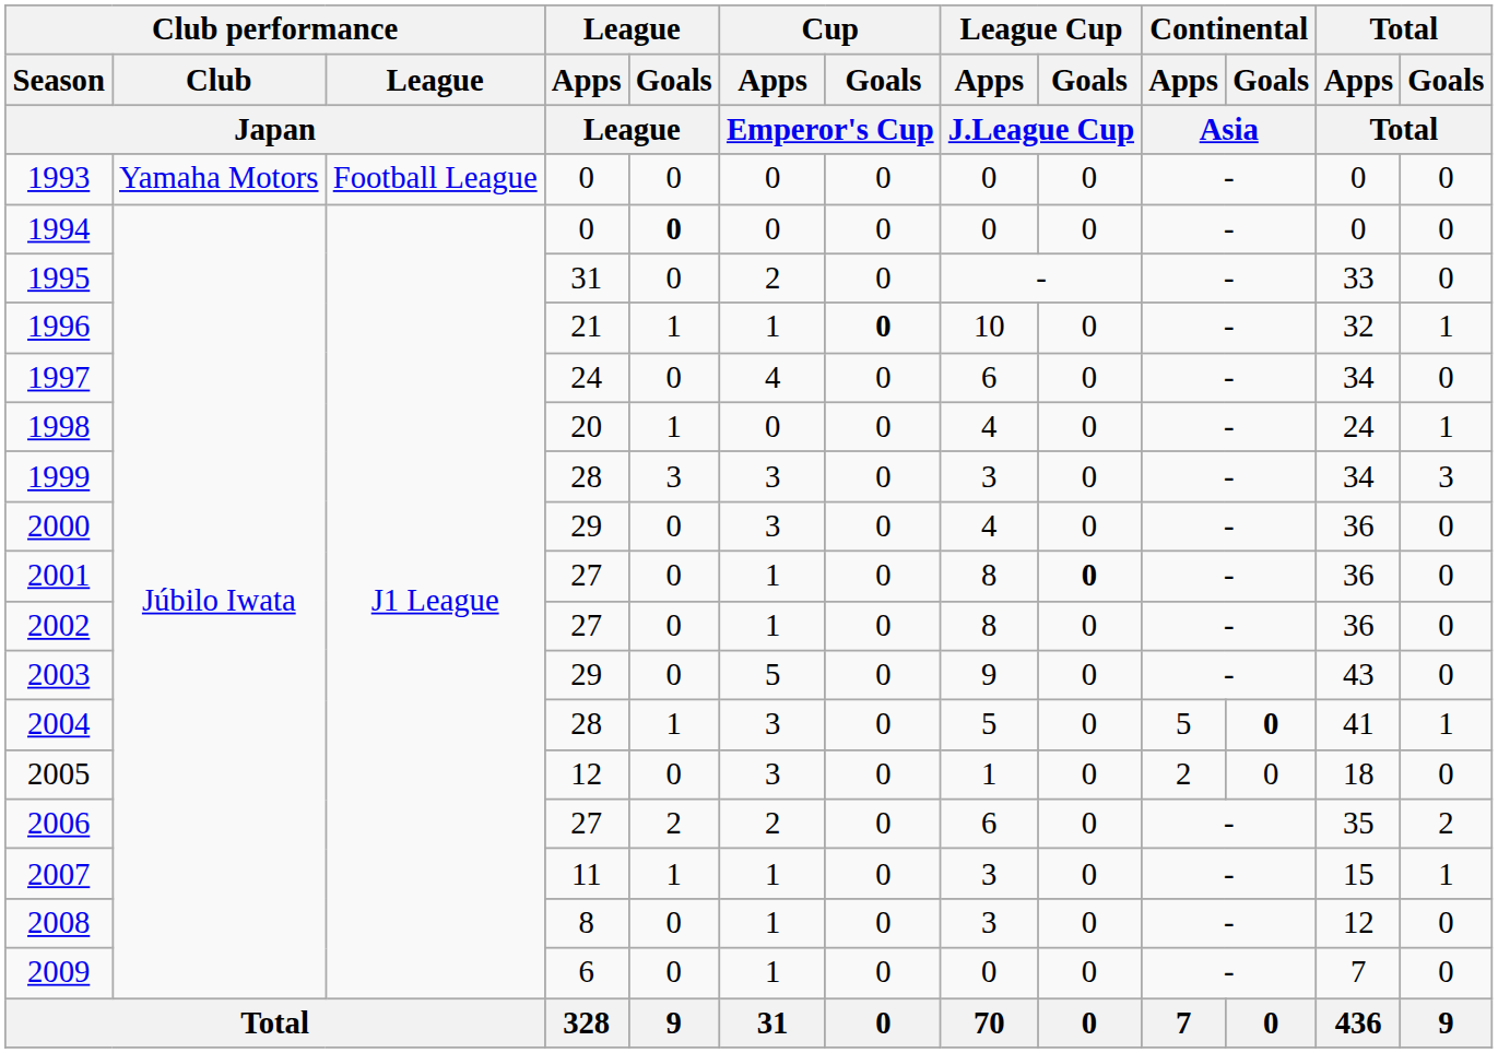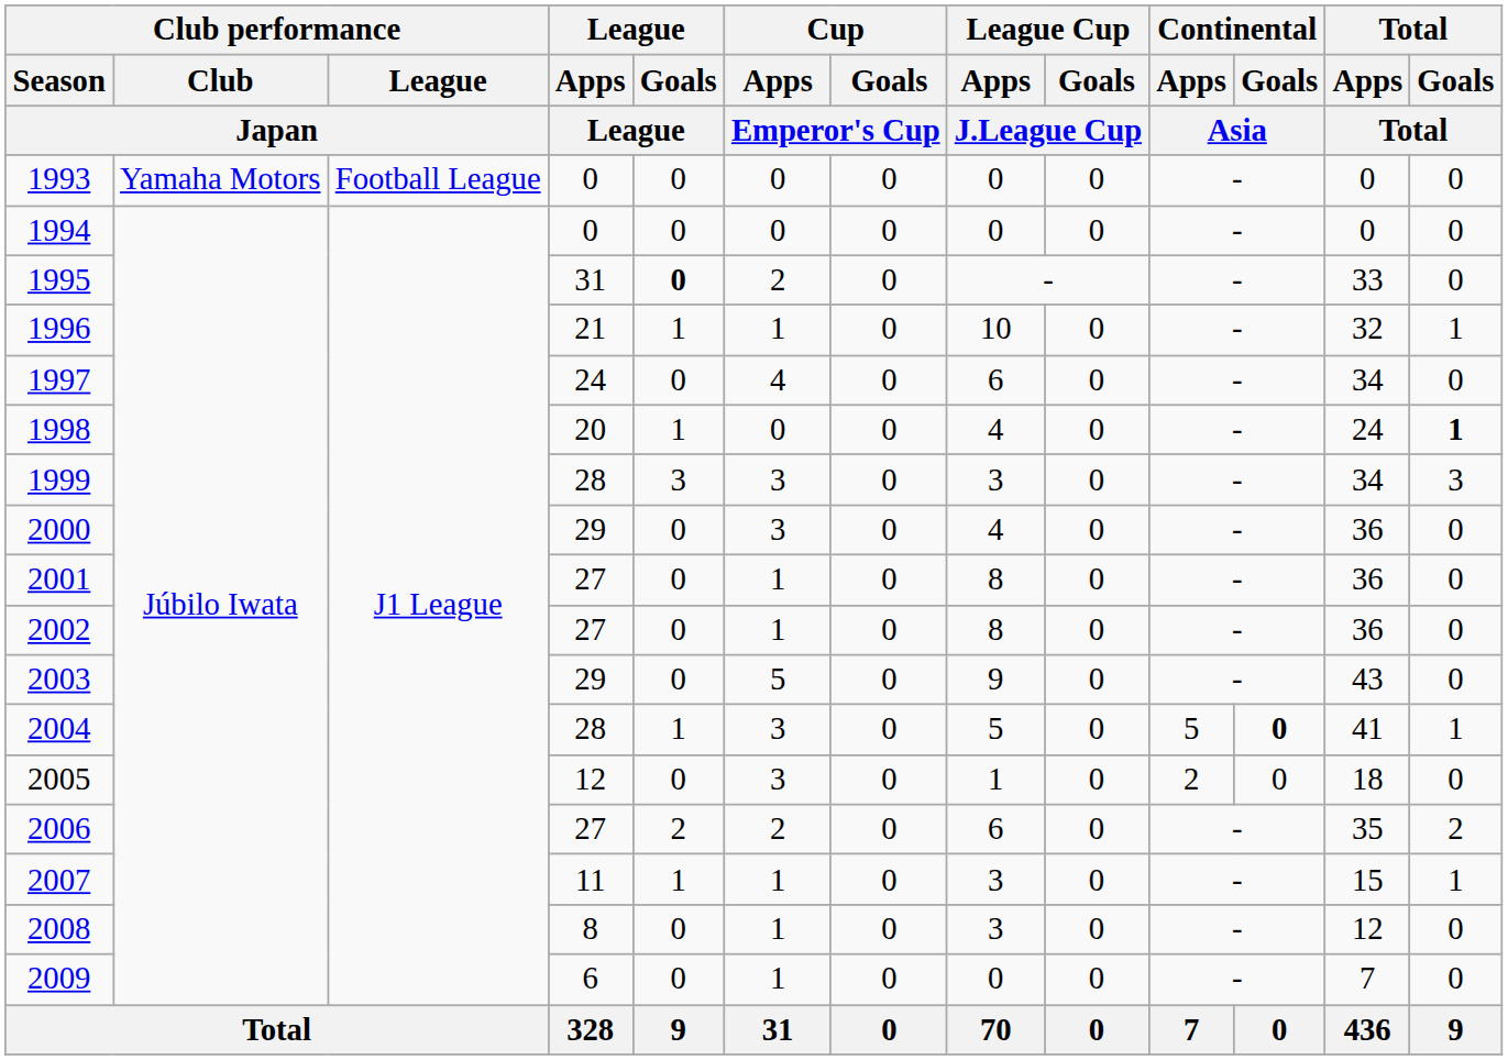 <table class="wikitable" style="text-align:center;">
 <tr>
 <th colspan=3>Club performance</th>
 <th colspan=2>League</th>
 <th colspan=2>Cup</th>
 <th colspan=2>League Cup</th>
 <th colspan=2>Continental</th>
 <th colspan=2>Total</th>
 </tr>
 <tr>
 <th>Season</th>
 <th>Club</th>
 <th>League</th>
 <th>Apps</th>
 <th>Goals</th>
 <th>Apps</th>
 <th>Goals</th>
 <th>Apps</th>
 <th>Goals</th>
 <th>Apps</th>
 <th>Goals</th>
 <th>Apps</th>
 <th>Goals</th>
 </tr>
 <tr>
 <th colspan=3>Japan</th>
 <th colspan=2>League</th>
 <th colspan=2><a href='#'>Emperor's Cup</a></th>
 <th colspan=2><a href='#'>J.League Cup</a></th>
 <th colspan=2><a href='#'>Asia</a></th>
 <th colspan=2>Total</th>
 </tr>
 <tr>
 <td><a href='#'>1993</a></td>
 <td><a href='#'>Yamaha Motors</a></td>
 <td><a href='#'>Football League</a></td>
 <td>0</td>
 <td>0</td>
 <td>0</td>
 <td>0</td>
 <td>0</td>
 <td>0</td>
 <td colspan="2">-</td>
 <td>0</td>
 <td>0</td>
 </tr>
 <tr>
 <td><a href='#'>1994</a></td>
 <td rowspan="16"><a href='#'>Júbilo Iwata</a></td>
 <td rowspan="16"><a href='#'>J1 League</a></td>
 <td>0</td>
-<td><strong>0</strong></td>
+<td>0</td>
 <td>0</td>
 <td>0</td>
 <td>0</td>
 <td>0</td>
 <td colspan="2">-</td>
 <td>0</td>
 <td>0</td>
 </tr>
 <tr>
 <td><a href='#'>1995</a></td>
 <td>31</td>
-<td>0</td>
+<td><strong>0</strong></td>
 <td>2</td>
 <td>0</td>
 <td colspan="2">-</td>
 <td colspan="2">-</td>
 <td>33</td>
 <td>0</td>
 </tr>
 <tr>
 <td><a href='#'>1996</a></td>
 <td>21</td>
 <td>1</td>
 <td>1</td>
-<td><strong>0</strong></td>
+<td>0</td>
 <td>10</td>
 <td>0</td>
 <td colspan="2">-</td>
 <td>32</td>
 <td>1</td>
 </tr>
 <tr>
 <td><a href='#'>1997</a></td>
 <td>24</td>
 <td>0</td>
 <td>4</td>
 <td>0</td>
 <td>6</td>
 <td>0</td>
 <td colspan="2">-</td>
 <td>34</td>
 <td>0</td>
 </tr>
 <tr>
 <td><a href='#'>1998</a></td>
 <td>20</td>
 <td>1</td>
 <td>0</td>
 <td>0</td>
 <td>4</td>
 <td>0</td>
 <td colspan="2">-</td>
 <td>24</td>
-<td>1</td>
+<td><strong>1</strong></td>
 </tr>
 <tr>
 <td><a href='#'>1999</a></td>
 <td>28</td>
 <td>3</td>
 <td>3</td>
 <td>0</td>
 <td>3</td>
 <td>0</td>
 <td colspan="2">-</td>
 <td>34</td>
 <td>3</td>
 </tr>
 <tr>
 <td><a href='#'>2000</a></td>
 <td>29</td>
 <td>0</td>
 <td>3</td>
 <td>0</td>
 <td>4</td>
 <td>0</td>
 <td colspan="2">-</td>
 <td>36</td>
 <td>0</td>
 </tr>
 <tr>
 <td><a href='#'>2001</a></td>
 <td>27</td>
 <td>0</td>
 <td>1</td>
 <td>0</td>
 <td>8</td>
-<td><strong>0</strong></td>
+<td>0</td>
 <td colspan="2">-</td>
 <td>36</td>
 <td>0</td>
 </tr>
 <tr>
 <td><a href='#'>2002</a></td>
 <td>27</td>
 <td>0</td>
 <td>1</td>
 <td>0</td>
 <td>8</td>
 <td>0</td>
 <td colspan="2">-</td>
 <td>36</td>
 <td>0</td>
 </tr>
 <tr>
 <td><a href='#'>2003</a></td>
 <td>29</td>
 <td>0</td>
 <td>5</td>
 <td>0</td>
 <td>9</td>
 <td>0</td>
 <td colspan="2">-</td>
 <td>43</td>
 <td>0</td>
 </tr>
 <tr>
 <td><a href='#'>2004</a></td>
 <td>28</td>
 <td>1</td>
 <td>3</td>
 <td>0</td>
 <td>5</td>
 <td>0</td>
 <td>5</td>
 <td><strong>0</strong></td>
 <td>41</td>
 <td>1</td>
 </tr>
 <tr>
 <td>2005</td>
 <td>12</td>
 <td>0</td>
 <td>3</td>
 <td>0</td>
 <td>1</td>
 <td>0</td>
 <td>2</td>
 <td>0</td>
 <td>18</td>
 <td>0</td>
 </tr>
 <tr>
 <td><a href='#'>2006</a></td>
 <td>27</td>
 <td>2</td>
 <td>2</td>
 <td>0</td>
 <td>6</td>
 <td>0</td>
 <td colspan="2">-</td>
 <td>35</td>
 <td>2</td>
 </tr>
 <tr>
 <td><a href='#'>2007</a></td>
 <td>11</td>
 <td>1</td>
 <td>1</td>
 <td>0</td>
 <td>3</td>
 <td>0</td>
 <td colspan="2">-</td>
 <td>15</td>
 <td>1</td>
 </tr>
 <tr>
 <td><a href='#'>2008</a></td>
 <td>8</td>
 <td>0</td>
 <td>1</td>
 <td>0</td>
 <td>3</td>
 <td>0</td>
 <td colspan="2">-</td>
 <td>12</td>
 <td>0</td>
 </tr>
 <tr>
 <td><a href='#'>2009</a></td>
 <td>6</td>
 <td>0</td>
 <td>1</td>
 <td>0</td>
 <td>0</td>
 <td>0</td>
 <td colspan="2">-</td>
 <td>7</td>
 <td>0</td>
 </tr>
 <tr>
 <th colspan=3>Total</th>
 <th>328</th>
 <th>9</th>
 <th>31</th>
 <th>0</th>
 <th>70</th>
 <th>0</th>
 <th>7</th>
 <th>0</th>
 <th>436</th>
 <th>9</th>
 </tr>
 </table>
